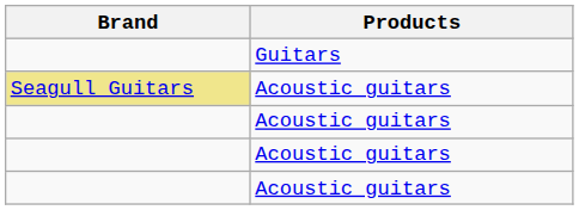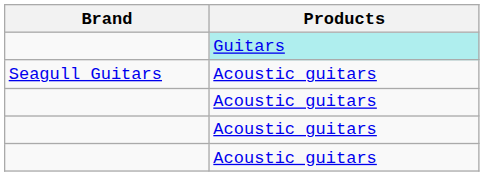 <table class="wikitable sortable">
 <tr>
 <th width="150">Brand</th>
 <th width="200">Products</th>
 </tr>
 <tr>
 <td></td>
-<td><a href='#'>Guitars</a></td>
+<td style="background: paleturquoise;"><a href='#'>Guitars</a></td>
 </tr>
 <tr>
-<td style="background: khaki;"><a href='#'>Seagull Guitars</a></td>
+<td><a href='#'>Seagull Guitars</a></td>
 <td><a href='#'>Acoustic guitars</a></td>
 </tr>
 <tr>
 <td></td>
 <td><a href='#'>Acoustic guitars</a></td>
 </tr>
 <tr>
 <td></td>
 <td><a href='#'>Acoustic guitars</a></td>
 </tr>
 <tr>
 <td></td>
 <td><a href='#'>Acoustic guitars</a></td>
 </tr>
 </table>
